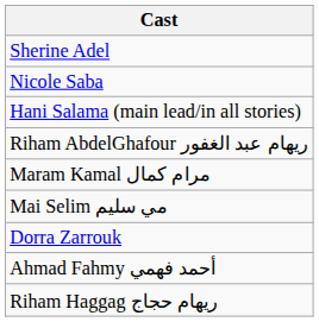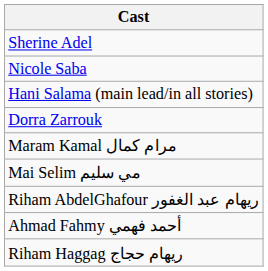 <table class="wikitable">
 <tr>
 <th>Cast</th>
 </tr>
 <tr>
 <td><a href='#'>Sherine Adel</a></td>
 </tr>
 <tr>
 <td><a href='#'>Nicole Saba</a></td>
 </tr>
 <tr>
 <td><a href='#'>Hani Salama</a> (main lead/in all stories)</td>
 </tr>
 <tr>
-<td>Riham AbdelGhafour ريهام عبد الغفور</td>
+<td><a href='#'>Dorra Zarrouk</a></td>
 </tr>
 <tr>
 <td>Maram Kamal مرام كمال</td>
 </tr>
 <tr>
 <td>Mai Selim مي سليم</td>
 </tr>
 <tr>
-<td><a href='#'>Dorra Zarrouk</a></td>
+<td>Riham AbdelGhafour ريهام عبد الغفور</td>
 </tr>
 <tr>
 <td>Ahmad Fahmy أحمد فهمي</td>
 </tr>
 <tr>
 <td>Riham Haggag ريهام حجاج</td>
 </tr>
 </table>
